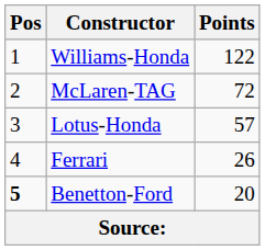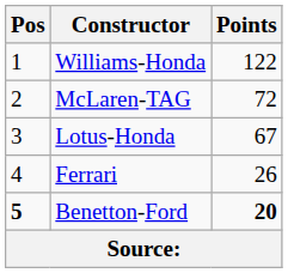 <table class="wikitable" style="font-size: 95%;">
 <tr>
 <th>Pos</th>
 <th>Constructor</th>
 <th>Points</th>
 </tr>
 <tr>
 <td>1</td>
 <td> <a href='#'>Williams</a>-<a href='#'>Honda</a></td>
 <td align="right">122</td>
 </tr>
 <tr>
 <td>2</td>
 <td> <a href='#'>McLaren</a>-<a href='#'>TAG</a></td>
 <td align="right">72</td>
 </tr>
 <tr>
 <td>3</td>
 <td> <a href='#'>Lotus</a>-<a href='#'>Honda</a></td>
-<td align="right">57</td>
+<td align="right">67</td>
 </tr>
 <tr>
 <td>4</td>
 <td> <a href='#'>Ferrari</a></td>
 <td align="right">26</td>
 </tr>
 <tr>
 <td><strong>5</strong></td>
 <td> <a href='#'>Benetton</a>-<a href='#'>Ford</a></td>
-<td align="right">20</td>
+<td align="right"><strong>20</strong></td>
 </tr>
 <tr>
 <th colspan=4>Source: </th>
 </tr>
 </table>
